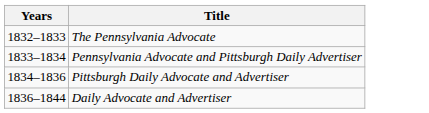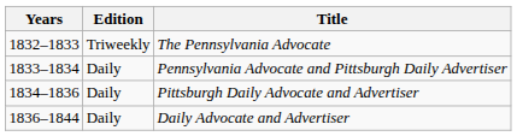 <table class="wikitable" style="display:inline-table; margin-right:1.5em">
 <tr>
 <th>Years</th>
+<th>Edition</th>
 <th>Title</th>
 </tr>
 <tr>
 <td>1832–1833</td>
+<td>Triweekly</td>
 <td><em>The Pennsylvania Advocate</em></td>
 </tr>
 <tr>
 <td>1833–1834</td>
+<td>Daily</td>
 <td><em>Pennsylvania Advocate and Pittsburgh Daily Advertiser</em></td>
 </tr>
 <tr>
 <td>1834–1836</td>
+<td>Daily</td>
 <td><em>Pittsburgh Daily Advocate and Advertiser</em></td>
 </tr>
 <tr>
 <td>1836–1844</td>
+<td>Daily</td>
 <td><em>Daily Advocate and Advertiser</em></td>
 </tr>
 </table>
